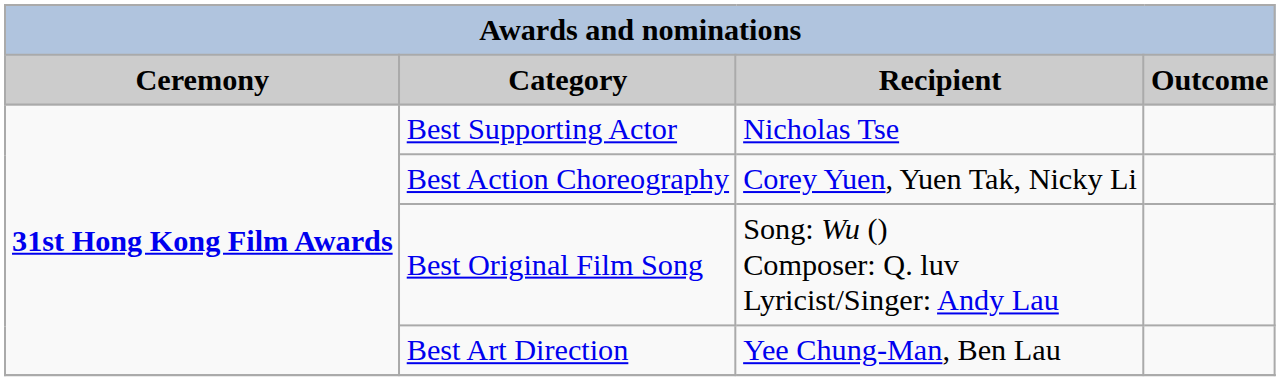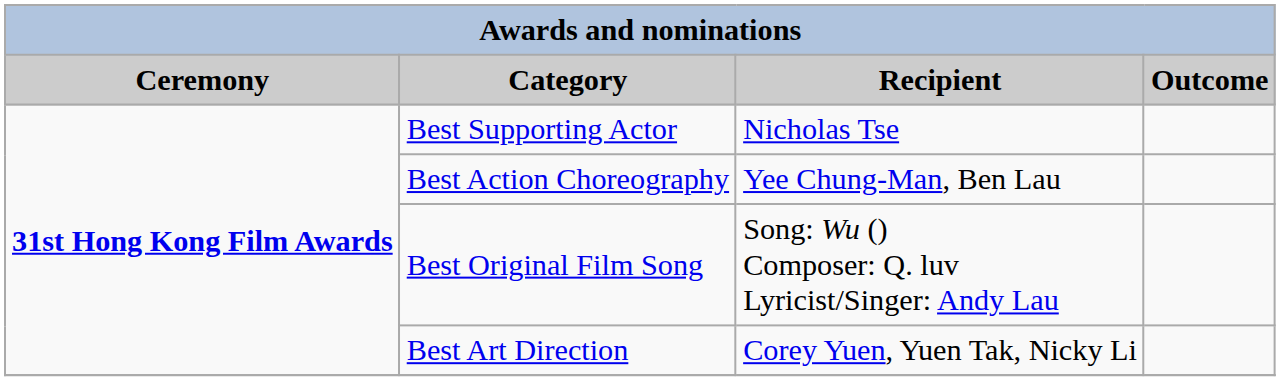 <table class="wikitable" style="font-size:95%;" ;>
 <tr style="background:#ccc; text-align:center;">
 <th colspan="4" style="background: LightSteelBlue;">Awards and nominations</th>
 </tr>
 <tr style="background:#ccc; text-align:center;">
 <th style="background:#ccc">Ceremony</th>
 <th style="background:#ccc">Category</th>
 <th style="background:#ccc">Recipient</th>
 <th style="background:#ccc">Outcome</th>
 </tr>
 <tr>
 <td rowspan=4><strong><a href='#'>31st Hong Kong Film Awards</a></strong></td>
 <td><a href='#'>Best Supporting Actor</a></td>
 <td><a href='#'>Nicholas Tse</a></td>
 <td></td>
 </tr>
 <tr>
 <td><a href='#'>Best Action Choreography</a></td>
-<td><a href='#'>Corey Yuen</a>, Yuen Tak, Nicky Li</td>
+<td><a href='#'>Yee Chung-Man</a>, Ben Lau</td>
 <td></td>
 </tr>
 <tr>
 <td><a href='#'>Best Original Film Song</a></td>
 <td>Song: <em>Wu</em> ()<br>Composer: Q. luv <br>Lyricist/Singer: <a href='#'>Andy Lau</a></td>
 <td></td>
 </tr>
 <tr>
 <td><a href='#'>Best Art Direction</a></td>
-<td><a href='#'>Yee Chung-Man</a>, Ben Lau</td>
+<td><a href='#'>Corey Yuen</a>, Yuen Tak, Nicky Li</td>
 <td></td>
 </tr>
 <tr>
 </tr>
 </table>
